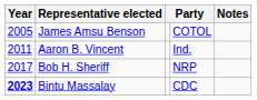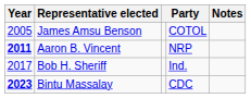 <table class="wikitable">
 <tr>
 <th>Year</th>
 <th>Representative elected</th>
 <th colspan=2>Party</th>
 <th>Notes</th>
 </tr>
 <tr>
 <td><a href='#'>2005</a></td>
 <td><a href='#'>James Amsu Benson</a></td>
 <td></td>
 <td><a href='#'>COTOL</a></td>
 <td></td>
 </tr>
 <tr>
-<td><a href='#'>2011</a></td>
+<td><strong><a href='#'>2011</a></strong></td>
 <td><a href='#'>Aaron B. Vincent</a></td>
 <td></td>
-<td><a href='#'>Ind.</a></td>
+<td><a href='#'>NRP</a></td>
 <td></td>
 </tr>
 <tr>
 <td><a href='#'>2017</a></td>
 <td><a href='#'>Bob H. Sheriff</a></td>
 <td></td>
-<td><a href='#'>NRP</a></td>
+<td><a href='#'>Ind.</a></td>
 <td></td>
 </tr>
 <tr>
 <td><strong><a href='#'>2023</a></strong></td>
 <td><a href='#'>Bintu Massalay</a></td>
 <td></td>
 <td><a href='#'>CDC</a></td>
 <td></td>
 </tr>
 </table>
